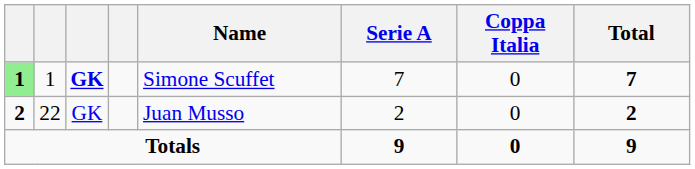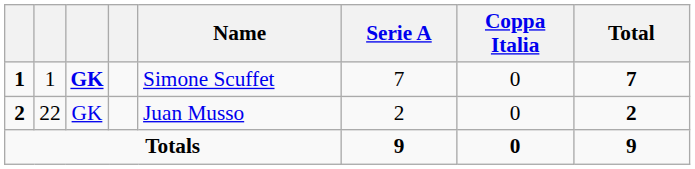 <table class="wikitable" style="text-align:center">
 <tr>
 <th width=15></th>
 <th width=15></th>
 <th width=15></th>
 <th width=15></th>
 <th width=145>Name</th>
 <th width=80><strong><a href='#'>Serie A</a></strong></th>
 <th width=80><strong><a href='#'>Coppa Italia</a></strong></th>
 <th width=80>Total</th>
 </tr>
 <tr>
-<td style="background: lightgreen;"><strong>1</strong></td>
+<td><strong>1</strong></td>
 <td>1</td>
 <td><strong><a href='#'>GK</a></strong></td>
 <td></td>
 <td align=left><a href='#'>Simone Scuffet</a></td>
 <td>7</td>
 <td>0</td>
 <td><strong>7</strong></td>
 </tr>
 <tr>
 <td><strong>2</strong></td>
 <td>22</td>
 <td><a href='#'>GK</a></td>
 <td></td>
 <td align=left><a href='#'>Juan Musso</a></td>
 <td>2</td>
 <td>0</td>
 <td><strong>2</strong></td>
 </tr>
 <tr>
 <td colspan=5><strong>Totals</strong></td>
 <td><strong>9</strong></td>
 <td><strong>0</strong></td>
 <td><strong>9</strong></td>
 </tr>
 </table>
